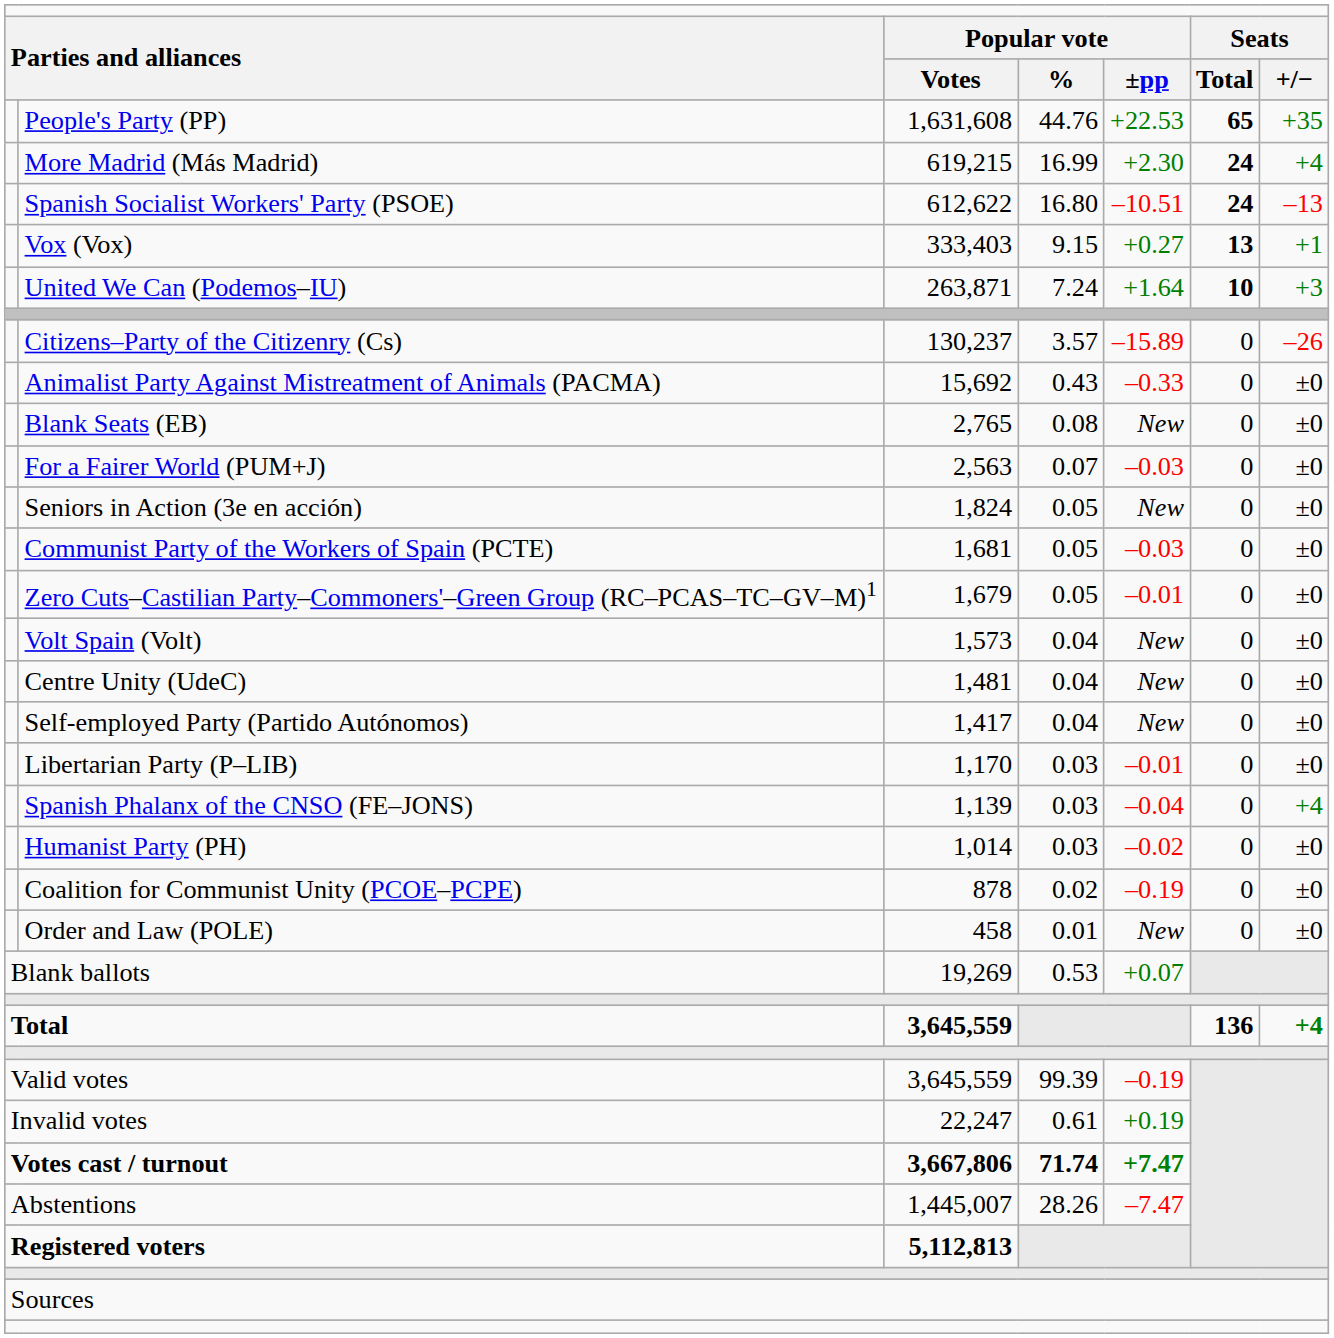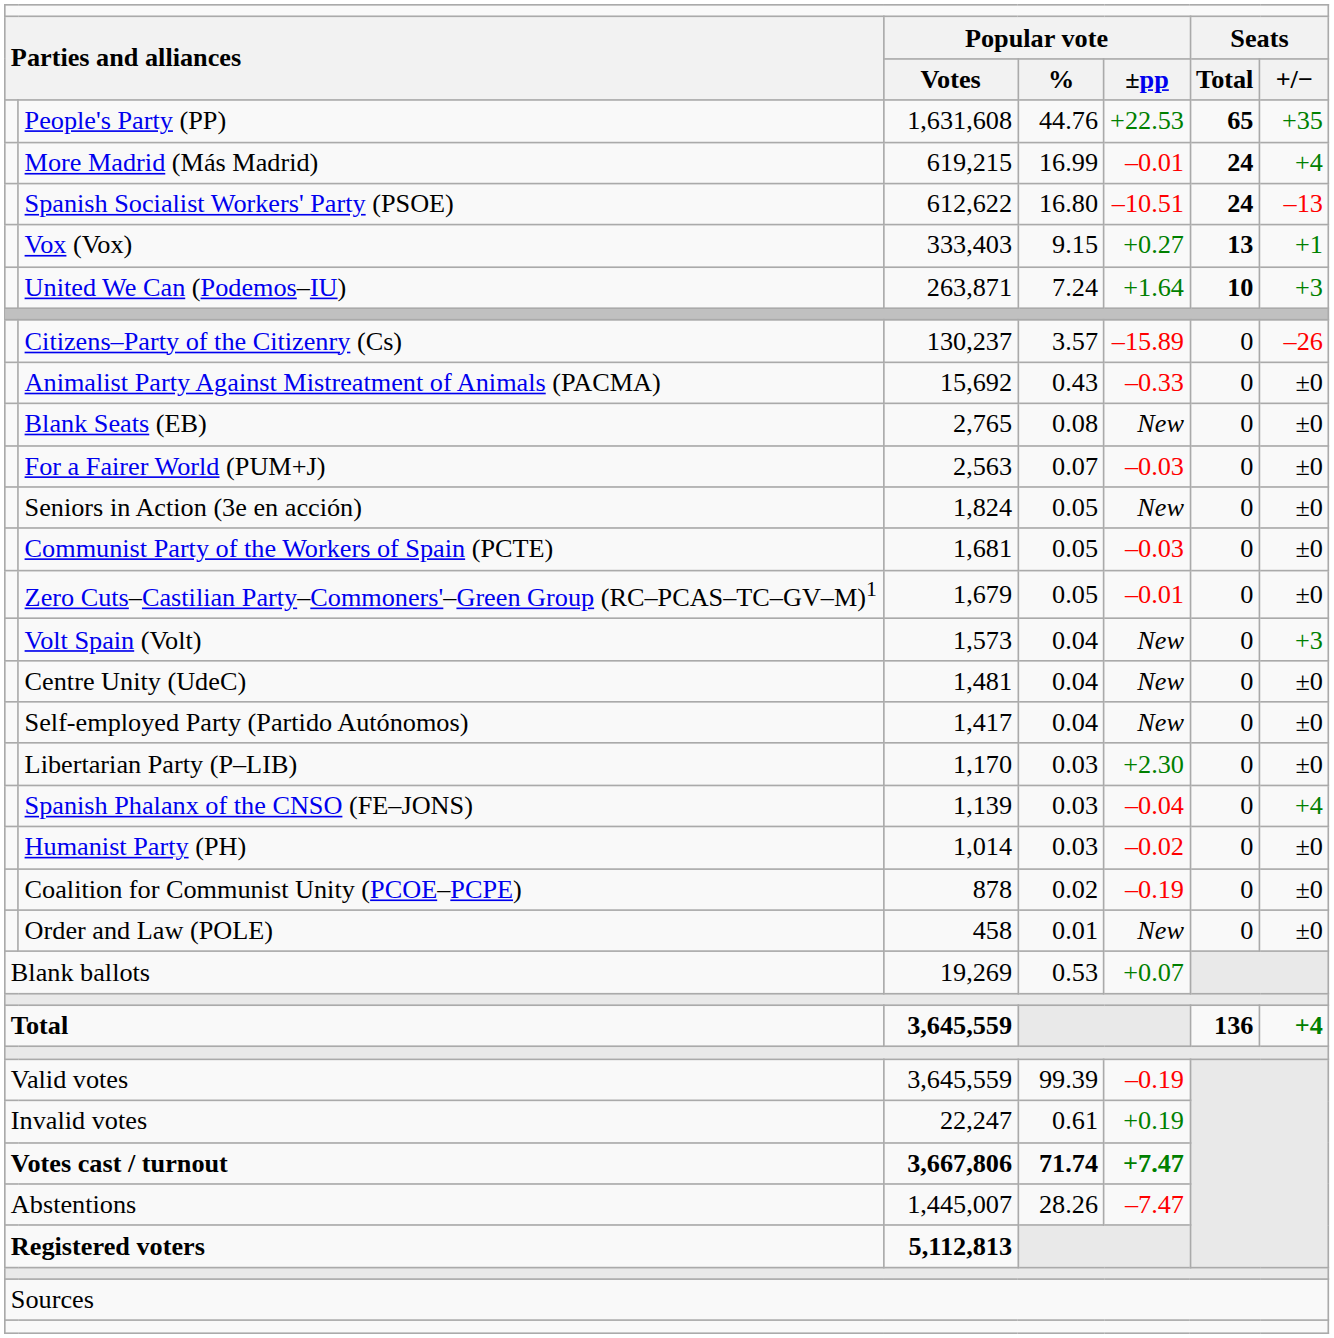 <table class="wikitable" style="text-align:right;">
 <tr>
 <td colspan="7"></td>
 </tr>
 <tr>
 <th style="text-align:left;" rowspan="2" colspan="2" width="525">Parties and alliances</th>
 <th colspan="3">Popular vote</th>
 <th colspan="2">Seats</th>
 </tr>
 <tr>
 <th width="75">Votes</th>
 <th width="45">%</th>
 <th width="45">±<a href='#'>pp</a></th>
 <th width="35">Total</th>
 <th width="35">+/−</th>
 </tr>
 <tr>
 <td width="1" style="color:inherit;background:"></td>
 <td align="left"><a href='#'>People's Party</a> (PP)</td>
 <td>1,631,608</td>
 <td>44.76</td>
 <td style="color:green;">+22.53</td>
 <td><strong>65</strong></td>
 <td style="color:green;">+35</td>
 </tr>
 <tr>
 <td style="color:inherit;background:"></td>
 <td align="left"><a href='#'>More Madrid</a> (Más Madrid)</td>
 <td>619,215</td>
 <td>16.99</td>
-<td style="color:green;">+2.30</td>
+<td style="color:red;">–0.01</td>
 <td><strong>24</strong></td>
 <td style="color:green;">+4</td>
 </tr>
 <tr>
 <td style="color:inherit;background:"></td>
 <td align="left"><a href='#'>Spanish Socialist Workers' Party</a> (PSOE)</td>
 <td>612,622</td>
 <td>16.80</td>
 <td style="color:red;">–10.51</td>
 <td><strong>24</strong></td>
 <td style="color:red;">–13</td>
 </tr>
 <tr>
 <td style="color:inherit;background:"></td>
 <td align="left"><a href='#'>Vox</a> (Vox)</td>
 <td>333,403</td>
 <td>9.15</td>
 <td style="color:green;">+0.27</td>
 <td><strong>13</strong></td>
 <td style="color:green;">+1</td>
 </tr>
 <tr>
 <td style="color:inherit;background:"></td>
 <td align="left"><a href='#'>United We Can</a> (<a href='#'>Podemos</a>–<a href='#'>IU</a>)</td>
 <td>263,871</td>
 <td>7.24</td>
 <td style="color:green;">+1.64</td>
 <td><strong>10</strong></td>
 <td style="color:green;">+3</td>
 </tr>
 <tr>
 <td colspan="7" bgcolor="#C0C0C0"></td>
 </tr>
 <tr>
 <td style="color:inherit;background:"></td>
 <td align="left"><a href='#'>Citizens–Party of the Citizenry</a> (Cs)</td>
 <td>130,237</td>
 <td>3.57</td>
 <td style="color:red;">–15.89</td>
 <td>0</td>
 <td style="color:red;">–26</td>
 </tr>
 <tr>
 <td style="color:inherit;background:"></td>
 <td align="left"><a href='#'>Animalist Party Against Mistreatment of Animals</a> (PACMA)</td>
 <td>15,692</td>
 <td>0.43</td>
 <td style="color:red;">–0.33</td>
 <td>0</td>
 <td>±0</td>
 </tr>
 <tr>
 <td style="color:inherit;background:"></td>
 <td align="left"><a href='#'>Blank Seats</a> (EB)</td>
 <td>2,765</td>
 <td>0.08</td>
 <td><em>New</em></td>
 <td>0</td>
 <td>±0</td>
 </tr>
 <tr>
 <td style="color:inherit;background:"></td>
 <td align="left"><a href='#'>For a Fairer World</a> (PUM+J)</td>
 <td>2,563</td>
 <td>0.07</td>
 <td style="color:red;">–0.03</td>
 <td>0</td>
 <td>±0</td>
 </tr>
 <tr>
 <td style="color:inherit;background:"></td>
 <td align="left">Seniors in Action (3e en acción)</td>
 <td>1,824</td>
 <td>0.05</td>
 <td><em>New</em></td>
 <td>0</td>
 <td>±0</td>
 </tr>
 <tr>
 <td style="color:inherit;background:"></td>
 <td align="left"><a href='#'>Communist Party of the Workers of Spain</a> (PCTE)</td>
 <td>1,681</td>
 <td>0.05</td>
 <td style="color:red;">–0.03</td>
 <td>0</td>
 <td>±0</td>
 </tr>
 <tr>
 <td style="color:inherit;background:"></td>
 <td align="left"><a href='#'>Zero Cuts</a>–<a href='#'>Castilian Party</a>–<a href='#'>Commoners'</a>–<a href='#'>Green Group</a> (RC–PCAS–TC–GV–M)<sup>1</sup></td>
 <td>1,679</td>
 <td>0.05</td>
 <td style="color:red;">–0.01</td>
 <td>0</td>
 <td>±0</td>
 </tr>
 <tr>
 <td style="color:inherit;background:"></td>
 <td align="left"><a href='#'>Volt Spain</a> (Volt)</td>
 <td>1,573</td>
 <td>0.04</td>
 <td><em>New</em></td>
 <td>0</td>
-<td>±0</td>
+<td style="color:green;">+3</td>
 </tr>
 <tr>
 <td style="color:inherit;background:"></td>
 <td align="left">Centre Unity (UdeC)</td>
 <td>1,481</td>
 <td>0.04</td>
 <td><em>New</em></td>
 <td>0</td>
 <td>±0</td>
 </tr>
 <tr>
 <td style="color:inherit;background:"></td>
 <td align="left">Self-employed Party (Partido Autónomos)</td>
 <td>1,417</td>
 <td>0.04</td>
 <td><em>New</em></td>
 <td>0</td>
 <td>±0</td>
 </tr>
 <tr>
 <td style="color:inherit;background:"></td>
 <td align="left">Libertarian Party (P–LIB)</td>
 <td>1,170</td>
 <td>0.03</td>
-<td style="color:red;">–0.01</td>
+<td style="color:green;">+2.30</td>
 <td>0</td>
 <td>±0</td>
 </tr>
 <tr>
 <td style="color:inherit;background:"></td>
 <td align="left"><a href='#'>Spanish Phalanx of the CNSO</a> (FE–JONS)</td>
 <td>1,139</td>
 <td>0.03</td>
 <td style="color:red;">–0.04</td>
 <td>0</td>
 <td style="color:green;">+4</td>
 </tr>
 <tr>
 <td style="color:inherit;background:"></td>
 <td align="left"><a href='#'>Humanist Party</a> (PH)</td>
 <td>1,014</td>
 <td>0.03</td>
 <td style="color:red;">–0.02</td>
 <td>0</td>
 <td>±0</td>
 </tr>
 <tr>
 <td style="color:inherit;background:"></td>
 <td align="left">Coalition for Communist Unity (<a href='#'>PCOE</a>–<a href='#'>PCPE</a>)</td>
 <td>878</td>
 <td>0.02</td>
 <td style="color:red;">–0.19</td>
 <td>0</td>
 <td>±0</td>
 </tr>
 <tr>
 <td style="color:inherit;background:"></td>
 <td align="left">Order and Law (POLE)</td>
 <td>458</td>
 <td>0.01</td>
 <td><em>New</em></td>
 <td>0</td>
 <td>±0</td>
 </tr>
 <tr>
 <td align="left" colspan="2">Blank ballots</td>
 <td>19,269</td>
 <td>0.53</td>
 <td style="color:green;">+0.07</td>
 <td bgcolor="#E9E9E9" colspan="2"></td>
 </tr>
 <tr>
 <td colspan="7" bgcolor="#E9E9E9"></td>
 </tr>
 <tr style="font-weight:bold;">
 <td align="left" colspan="2">Total</td>
 <td>3,645,559</td>
 <td bgcolor="#E9E9E9" colspan="2"></td>
 <td>136</td>
 <td style="color:green;">+4</td>
 </tr>
 <tr>
 <td colspan="7" bgcolor="#E9E9E9"></td>
 </tr>
 <tr>
 <td align="left" colspan="2">Valid votes</td>
 <td>3,645,559</td>
 <td>99.39</td>
 <td style="color:red;">–0.19</td>
 <td bgcolor="#E9E9E9" colspan="2" rowspan="5"></td>
 </tr>
 <tr>
 <td align="left" colspan="2">Invalid votes</td>
 <td>22,247</td>
 <td>0.61</td>
 <td style="color:green;">+0.19</td>
 </tr>
 <tr style="font-weight:bold;">
 <td align="left" colspan="2">Votes cast / turnout</td>
 <td>3,667,806</td>
 <td>71.74</td>
 <td style="color:green;">+7.47</td>
 </tr>
 <tr>
 <td align="left" colspan="2">Abstentions</td>
 <td>1,445,007</td>
 <td>28.26</td>
 <td style="color:red;">–7.47</td>
 </tr>
 <tr style="font-weight:bold;">
 <td align="left" colspan="2">Registered voters</td>
 <td>5,112,813</td>
 <td bgcolor="#E9E9E9" colspan="2"></td>
 </tr>
 <tr>
 <td colspan="7" bgcolor="#E9E9E9"></td>
 </tr>
 <tr>
 <td align="left" colspan="7">Sources</td>
 </tr>
 <tr>
 <td colspan="7" style="text-align:left; max-width:790px;"></td>
 </tr>
 </table>
